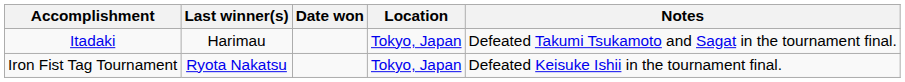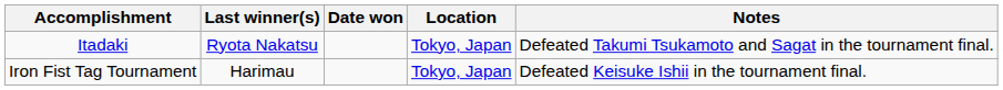 <table class="wikitable" style="text-align:center;">
 <tr>
 <th>Accomplishment</th>
 <th>Last winner(s)</th>
 <th>Date won</th>
 <th>Location</th>
 <th>Notes</th>
 </tr>
 <tr>
 <td><a href='#'>Itadaki</a></td>
-<td>Harimau<br></td>
+<td><a href='#'>Ryota Nakatsu</a></td>
 <td></td>
 <td><a href='#'>Tokyo, Japan</a></td>
 <td align=left>Defeated <a href='#'>Takumi Tsukamoto</a> and <a href='#'>Sagat</a> in the tournament final.</td>
 </tr>
 <tr>
 <td>Iron Fist Tag Tournament</td>
-<td><a href='#'>Ryota Nakatsu</a></td>
+<td>Harimau<br></td>
 <td></td>
 <td><a href='#'>Tokyo, Japan</a></td>
 <td align=left>Defeated <a href='#'>Keisuke Ishii</a> in the tournament final.</td>
 </tr>
 </table>
